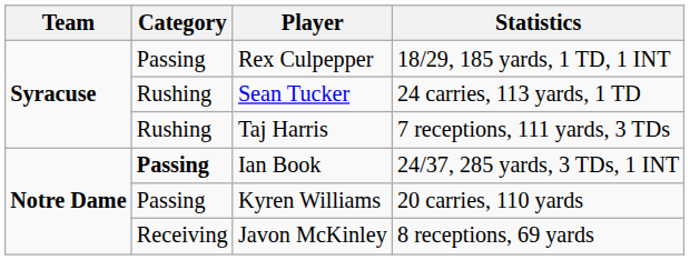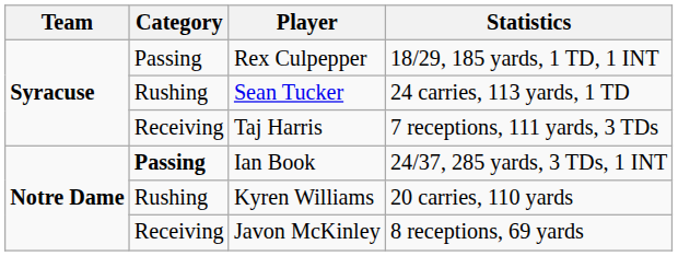 <table class="wikitable" style="float: left;">
 <tr>
 <th>Team</th>
 <th>Category</th>
 <th>Player</th>
 <th>Statistics</th>
 </tr>
 <tr>
 <td rowspan=3><strong>Syracuse</strong></td>
 <td>Passing</td>
 <td>Rex Culpepper</td>
 <td>18/29, 185 yards, 1 TD, 1 INT</td>
 </tr>
 <tr>
 <td>Rushing</td>
 <td><a href='#'>Sean Tucker</a></td>
 <td>24 carries, 113 yards, 1 TD</td>
 </tr>
 <tr>
-<td>Rushing</td>
+<td>Receiving</td>
 <td>Taj Harris</td>
 <td>7 receptions, 111 yards, 3 TDs</td>
 </tr>
 <tr>
 <td rowspan=3><strong>Notre Dame</strong></td>
 <td><strong>Passing</strong></td>
 <td>Ian Book</td>
 <td>24/37, 285 yards, 3 TDs, 1 INT</td>
 </tr>
 <tr>
-<td>Passing</td>
+<td>Rushing</td>
 <td>Kyren Williams</td>
 <td>20 carries, 110 yards</td>
 </tr>
 <tr>
 <td>Receiving</td>
 <td>Javon McKinley</td>
 <td>8 receptions, 69 yards</td>
 </tr>
 </table>
